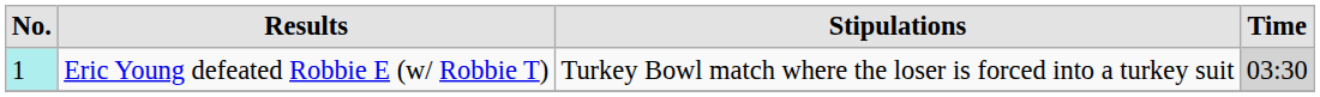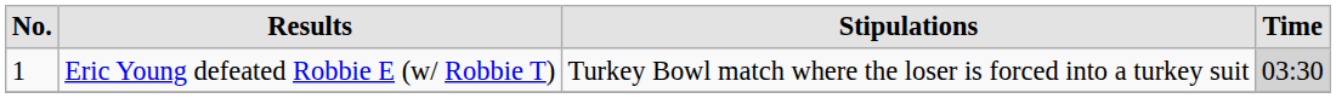 <table style="font-size: 100%; text-align: left;" class="wikitable">
 <tr>
 <th style="border-style: none none solid solid; background: #e3e3e3;"><strong>No.</strong></th>
 <th style="border-style: none none solid solid; background: #e3e3e3;"><strong>Results</strong></th>
 <th style="border-style: none none solid solid; background: #e3e3e3;"><strong>Stipulations</strong></th>
 <th style="border-style: none none solid solid; background: #e3e3e3;"><strong>Time</strong></th>
 </tr>
 <tr>
-<td style="background: paleturquoise;">1</td>
+<td>1</td>
 <td><a href='#'>Eric Young</a> defeated <a href='#'>Robbie E</a> (w/ <a href='#'>Robbie T</a>)</td>
 <td>Turkey Bowl match where the loser is forced into a turkey suit</td>
 <td style="background: lightgrey;">03:30</td>
 </tr>
 <tr>
 </tr>
 </table>
